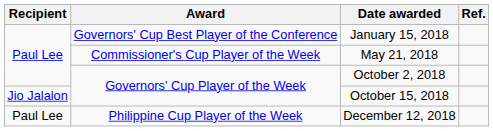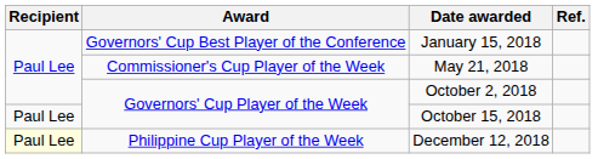 <table class="wikitable sortable sortable" style="text-align: center">
 <tr>
 <th>Recipient</th>
 <th>Award</th>
 <th>Date awarded</th>
 <th>Ref.</th>
 </tr>
 <tr>
 <td rowspan=3><a href='#'>Paul Lee</a></td>
 <td><a href='#'>Governors' Cup Best Player of the Conference</a></td>
 <td>January 15, 2018</td>
 <td align=center></td>
 </tr>
 <tr>
 <td><a href='#'>Commissioner's Cup Player of the Week</a></td>
 <td>May 21, 2018</td>
 <td align=center></td>
 </tr>
 <tr>
 <td rowspan=2><a href='#'>Governors' Cup Player of the Week</a></td>
 <td>October 2, 2018</td>
 <td align=center></td>
 </tr>
 <tr>
-<td><a href='#'>Jio Jalalon</a></td>
+<td>Paul Lee</td>
 <td>October 15, 2018</td>
 <td align=center></td>
 </tr>
 <tr>
-<td>Paul Lee</td>
+<td style="background: lightyellow;">Paul Lee</td>
 <td><a href='#'>Philippine Cup Player of the Week</a></td>
 <td>December 12, 2018</td>
 <td></td>
 </tr>
 </table>
